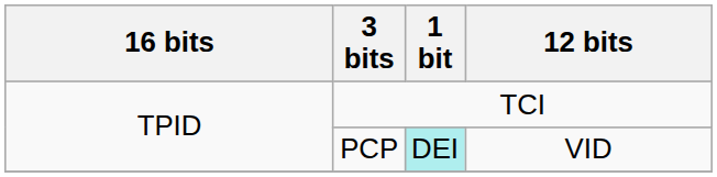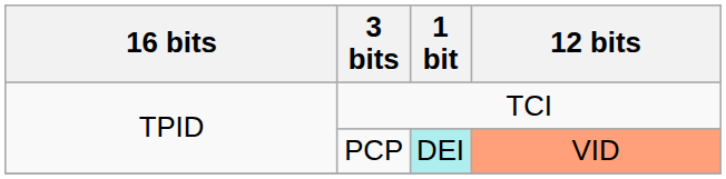 <table class="wikitable" width=400px>
 <tr>
 <th width=50%>16 bits</th>
 <th width=9.375%>3 bits</th>
 <th width=3.125%>1 bit</th>
 <th width=37.5%>12 bits</th>
 </tr>
 <tr>
 <td rowspan="2" align="center">TPID</td>
 <td colspan="3" align="center">TCI</td>
 </tr>
 <tr>
 <td align="center">PCP</td>
 <td align="center" style="background: paleturquoise;">DEI</td>
-<td align="center">VID</td>
+<td align="center" style="background: lightsalmon;">VID</td>
 </tr>
 <tr>
 </tr>
 </table>
